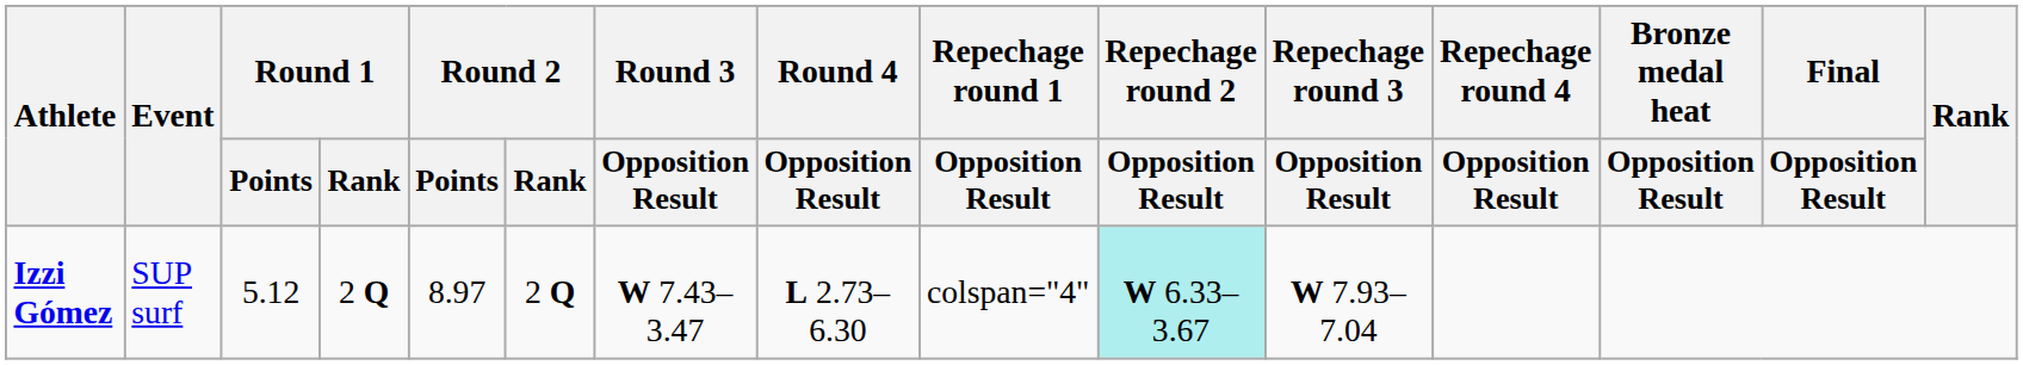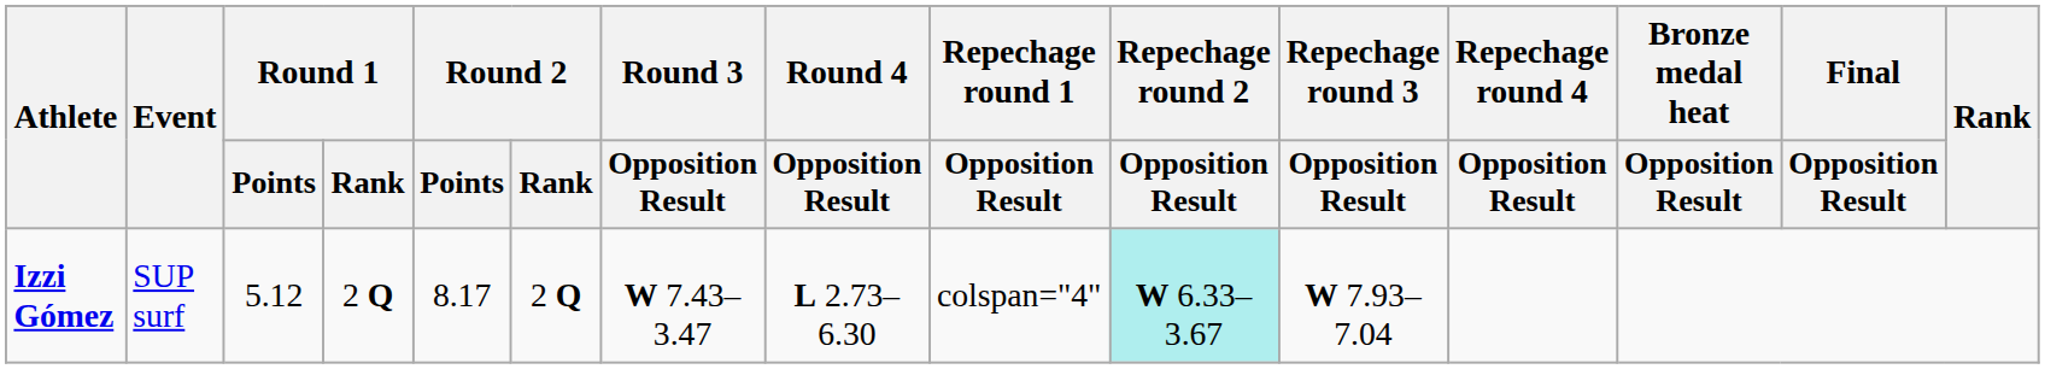 <table class="wikitable" style="font-size:90%;text-align:center">
 <tr>
 <th rowspan=2>Athlete</th>
 <th rowspan=2>Event</th>
 <th colspan=2>Round 1</th>
 <th colspan=2>Round 2</th>
 <th>Round 3</th>
 <th>Round 4</th>
 <th>Repechage round 1</th>
 <th>Repechage round 2</th>
 <th>Repechage round 3</th>
 <th>Repechage round 4</th>
 <th>Bronze medal heat</th>
 <th>Final</th>
 <th rowspan=2>Rank</th>
 </tr>
 <tr style="font-size: 95%">
 <th>Points</th>
 <th>Rank</th>
 <th>Points</th>
 <th>Rank</th>
 <th>Opposition<br>Result</th>
 <th>Opposition<br>Result</th>
 <th>Opposition<br>Result</th>
 <th>Opposition<br>Result</th>
 <th>Opposition<br>Result</th>
 <th>Opposition<br>Result</th>
 <th>Opposition<br>Result</th>
 <th>Opposition<br>Result</th>
 </tr>
 <tr>
 <td align=left><strong><a href='#'>Izzi Gómez</a></strong></td>
 <td align=left><a href='#'>SUP surf</a></td>
 <td>5.12</td>
 <td>2 <strong>Q</strong></td>
-<td>8.97</td>
+<td>8.17</td>
 <td>2 <strong>Q</strong></td>
 <td><br><strong>W</strong> 7.43–3.47</td>
 <td><br><strong>L</strong> 2.73–6.30</td>
 <td>colspan="4" </td>
 <td style="background: paleturquoise;"><br><strong>W</strong> 6.33–3.67</td>
 <td><br><strong>W</strong> 7.93–7.04</td>
 <td></td>
 </tr>
 </table>
